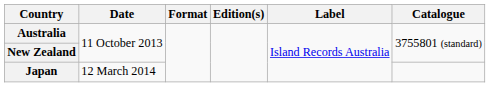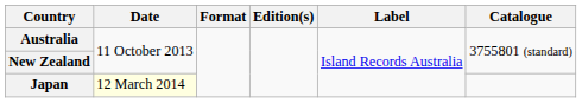 <table class="wikitable plainrowheaders">
 <tr>
 <th scope="col">Country</th>
 <th scope="col">Date</th>
 <th scope="col">Format</th>
 <th scope="col">Edition(s)</th>
 <th scope="col">Label</th>
 <th scope="col">Catalogue</th>
 </tr>
 <tr>
 <th scope="row">Australia</th>
 <td rowspan="2">11 October 2013</td>
 <td rowspan="3"></td>
 <td rowspan="3"></td>
 <td rowspan="3"><a href='#'>Island Records Australia</a></td>
 <td rowspan="2">3755801 <small>(standard)</small></td>
 </tr>
 <tr>
 <th scope="row">New Zealand</th>
 </tr>
 <tr>
 <th scope="row">Japan</th>
-<td>12 March 2014</td>
+<td style="background: lightyellow;">12 March 2014</td>
 <td></td>
 </tr>
 </table>
